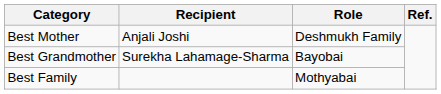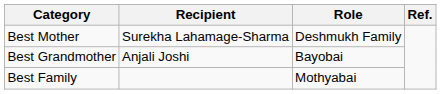 <table class="wikitable">
 <tr>
 <th>Category</th>
 <th>Recipient</th>
 <th>Role</th>
 <th>Ref.</th>
 </tr>
 <tr>
 <td>Best Mother</td>
-<td>Anjali Joshi</td>
+<td>Surekha Lahamage-Sharma</td>
 <td>Deshmukh Family</td>
 <td rowspan="3"></td>
 </tr>
 <tr>
 <td>Best Grandmother</td>
-<td>Surekha Lahamage-Sharma</td>
+<td>Anjali Joshi</td>
 <td>Bayobai</td>
 </tr>
 <tr>
 <td>Best Family</td>
 <td></td>
 <td>Mothyabai</td>
 </tr>
 </table>
